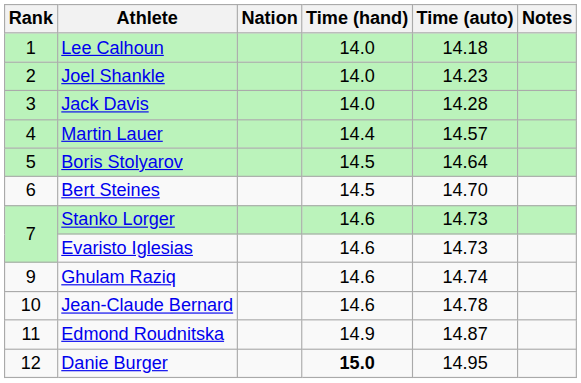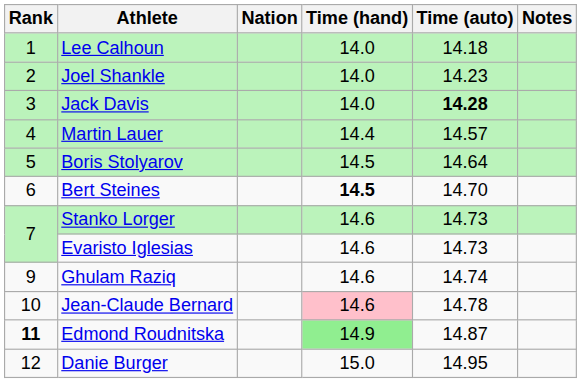 <table class="wikitable sortable" style="text-align:center">
 <tr>
 <th>Rank</th>
 <th>Athlete</th>
 <th>Nation</th>
 <th>Time (hand)</th>
 <th>Time (auto)</th>
 <th>Notes</th>
 </tr>
 <tr bgcolor=bbf3bb>
 <td>1</td>
 <td align=left><a href='#'>Lee Calhoun</a></td>
 <td align=left></td>
 <td>14.0</td>
 <td>14.18</td>
 <td></td>
 </tr>
 <tr bgcolor=bbf3bb>
 <td>2</td>
 <td align=left><a href='#'>Joel Shankle</a></td>
 <td align=left></td>
 <td>14.0</td>
 <td>14.23</td>
 <td></td>
 </tr>
 <tr bgcolor=bbf3bb>
 <td>3</td>
 <td align=left><a href='#'>Jack Davis</a></td>
 <td align=left></td>
 <td>14.0</td>
-<td>14.28</td>
+<td><strong>14.28</strong></td>
 <td></td>
 </tr>
 <tr bgcolor=bbf3bb>
 <td>4</td>
 <td align=left><a href='#'>Martin Lauer</a></td>
 <td align=left></td>
 <td>14.4</td>
 <td>14.57</td>
 <td></td>
 </tr>
 <tr bgcolor=bbf3bb>
 <td>5</td>
 <td align=left><a href='#'>Boris Stolyarov</a></td>
 <td align=left></td>
 <td>14.5</td>
 <td>14.64</td>
 <td></td>
 </tr>
 <tr>
 <td>6</td>
 <td align=left><a href='#'>Bert Steines</a></td>
 <td align=left></td>
-<td>14.5</td>
+<td><strong>14.5</strong></td>
 <td>14.70</td>
 <td></td>
 </tr>
 <tr bgcolor=bbf3bb>
 <td rowspan=2>7</td>
 <td align=left><a href='#'>Stanko Lorger</a></td>
 <td align=left></td>
 <td>14.6</td>
 <td>14.73</td>
 <td></td>
 </tr>
 <tr>
 <td align=left><a href='#'>Evaristo Iglesias</a></td>
 <td align=left></td>
 <td>14.6</td>
 <td>14.73</td>
 <td></td>
 </tr>
 <tr>
 <td>9</td>
 <td align=left><a href='#'>Ghulam Raziq</a></td>
 <td align=left></td>
 <td>14.6</td>
 <td>14.74</td>
 <td></td>
 </tr>
 <tr>
 <td>10</td>
 <td align=left><a href='#'>Jean-Claude Bernard</a></td>
 <td align=left></td>
-<td>14.6</td>
+<td style="background: pink;">14.6</td>
 <td>14.78</td>
 <td></td>
 </tr>
 <tr>
-<td>11</td>
+<td><strong>11</strong></td>
 <td align=left><a href='#'>Edmond Roudnitska</a></td>
 <td align=left></td>
-<td>14.9</td>
+<td style="background: lightgreen;">14.9</td>
 <td>14.87</td>
 <td></td>
 </tr>
 <tr>
 <td>12</td>
 <td align=left><a href='#'>Danie Burger</a></td>
 <td align=left></td>
-<td><strong>15.0</strong></td>
+<td>15.0</td>
 <td>14.95</td>
 <td></td>
 </tr>
 </table>
